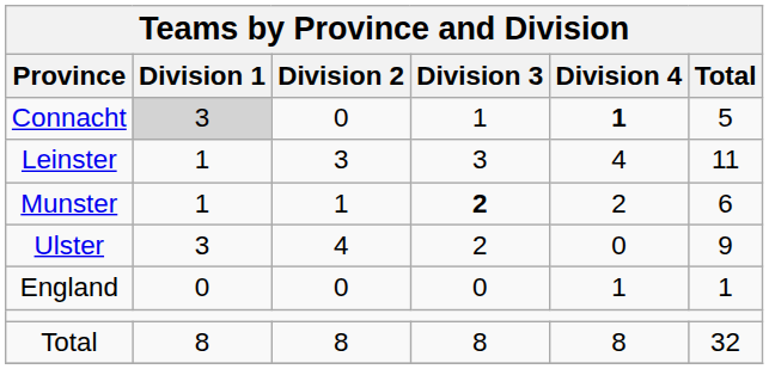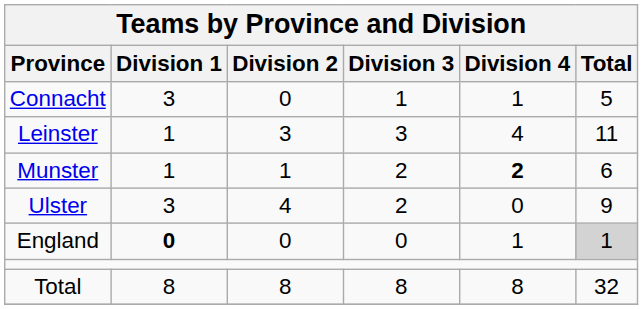 <table class="wikitable" style="text-align:center">
 <tr>
 <th colspan=6><big>Teams by Province and Division</big></th>
 </tr>
 <tr>
 <th>Province</th>
 <th>Division 1</th>
 <th>Division 2</th>
 <th>Division 3</th>
 <th>Division 4</th>
 <th>Total</th>
 </tr>
 <tr>
 <td><a href='#'>Connacht</a></td>
-<td style="background: lightgrey;">3</td>
+<td>3</td>
 <td>0</td>
 <td>1</td>
-<td><strong>1</strong></td>
+<td>1</td>
 <td>5</td>
 </tr>
 <tr>
 <td><a href='#'>Leinster</a></td>
 <td>1</td>
 <td>3</td>
 <td>3</td>
 <td>4</td>
 <td>11</td>
 </tr>
 <tr>
 <td><a href='#'>Munster</a></td>
 <td>1</td>
 <td>1</td>
+<td>2</td>
 <td><strong>2</strong></td>
-<td>2</td>
 <td>6</td>
 </tr>
 <tr>
 <td><a href='#'>Ulster</a></td>
 <td>3</td>
 <td>4</td>
 <td>2</td>
 <td>0</td>
 <td>9</td>
 </tr>
 <tr>
 <td>England</td>
-<td>0</td>
+<td><strong>0</strong></td>
 <td>0</td>
 <td>0</td>
 <td>1</td>
-<td>1</td>
+<td style="background: lightgrey;">1</td>
 </tr>
 <tr>
 <td colspan=6></td>
 </tr>
 <tr>
 <td>Total</td>
 <td>8</td>
 <td>8</td>
 <td>8</td>
 <td>8</td>
 <td>32</td>
 </tr>
 <tr>
 </tr>
 </table>
